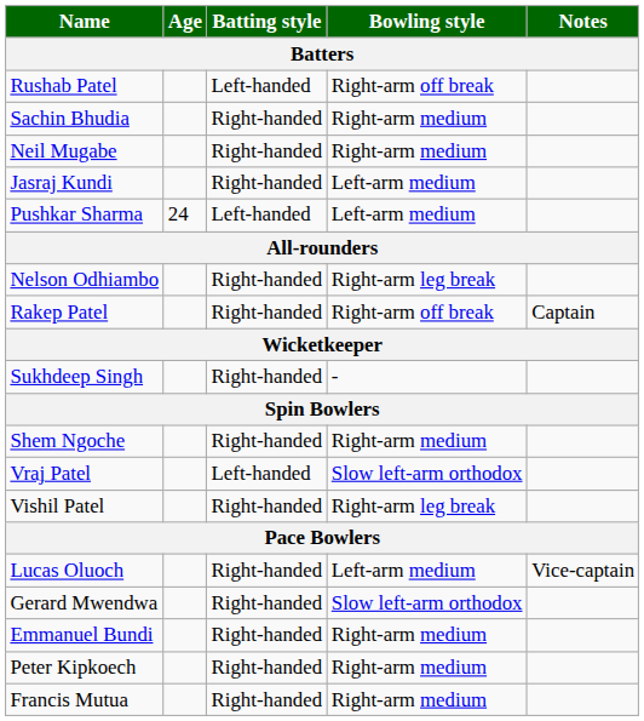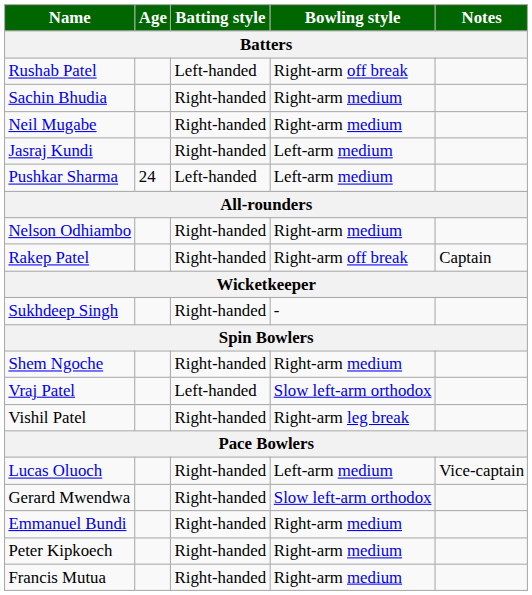 <table class="wikitable">
 <tr>
 <th style="text-align:center; background:#006600; color:white;">Name</th>
 <th style="text-align:center; background:#006600; color:white;">Age</th>
 <th style="text-align:center; background:#006600; color:white;">Batting style</th>
 <th style="text-align:center; background:#006600; color:white;">Bowling style</th>
 <th style="text-align:center; background:#006600; color:white;">Notes</th>
 </tr>
 <tr>
 <th colspan="5">Batters</th>
 </tr>
 <tr>
 <td><a href='#'>Rushab Patel</a></td>
 <td></td>
 <td>Left-handed</td>
 <td>Right-arm <a href='#'>off break</a></td>
 <td></td>
 </tr>
 <tr>
 <td><a href='#'>Sachin Bhudia</a></td>
 <td></td>
 <td>Right-handed</td>
 <td>Right-arm <a href='#'>medium</a></td>
 <td></td>
 </tr>
 <tr>
 <td><a href='#'>Neil Mugabe</a></td>
 <td></td>
 <td>Right-handed</td>
 <td>Right-arm <a href='#'>medium</a></td>
 <td></td>
 </tr>
 <tr>
 <td><a href='#'>Jasraj Kundi</a></td>
 <td></td>
 <td>Right-handed</td>
 <td>Left-arm <a href='#'>medium</a></td>
 <td></td>
 </tr>
 <tr>
 <td><a href='#'>Pushkar Sharma</a></td>
 <td>24</td>
 <td>Left-handed</td>
 <td>Left-arm <a href='#'>medium</a></td>
 <td></td>
 </tr>
 <tr>
 <th colspan="5">All-rounders</th>
 </tr>
 <tr>
 <td><a href='#'>Nelson Odhiambo</a></td>
 <td></td>
 <td>Right-handed</td>
-<td>Right-arm <a href='#'>leg break</a></td>
+<td>Right-arm <a href='#'>medium</a></td>
 <td></td>
 </tr>
 <tr>
 <td><a href='#'>Rakep Patel</a></td>
 <td></td>
 <td>Right-handed</td>
 <td>Right-arm <a href='#'>off break</a></td>
 <td>Captain</td>
 </tr>
 <tr>
 <th colspan="5">Wicketkeeper</th>
 </tr>
 <tr>
 <td><a href='#'>Sukhdeep Singh</a></td>
 <td></td>
 <td>Right-handed</td>
 <td>-</td>
 <td></td>
 </tr>
 <tr>
 <th colspan="5">Spin Bowlers</th>
 </tr>
 <tr>
 <td><a href='#'>Shem Ngoche</a></td>
 <td></td>
 <td>Right-handed</td>
 <td>Right-arm <a href='#'>medium</a></td>
 <td></td>
 </tr>
 <tr>
 <td><a href='#'>Vraj Patel</a></td>
 <td></td>
 <td>Left-handed</td>
 <td><a href='#'>Slow left-arm orthodox</a></td>
 <td></td>
 </tr>
 <tr>
 <td>Vishil Patel</td>
 <td></td>
 <td>Right-handed</td>
 <td>Right-arm <a href='#'>leg break</a></td>
 <td></td>
 </tr>
 <tr>
 <th colspan="6">Pace Bowlers</th>
 </tr>
 <tr>
 <td><a href='#'>Lucas Oluoch</a></td>
 <td></td>
 <td>Right-handed</td>
 <td>Left-arm <a href='#'>medium</a></td>
 <td>Vice-captain</td>
 </tr>
 <tr>
 <td>Gerard Mwendwa</td>
 <td></td>
 <td>Right-handed</td>
 <td><a href='#'>Slow left-arm orthodox</a></td>
 <td></td>
 </tr>
 <tr>
 <td><a href='#'>Emmanuel Bundi</a></td>
 <td></td>
 <td>Right-handed</td>
 <td>Right-arm <a href='#'>medium</a></td>
 <td></td>
 </tr>
 <tr>
 <td>Peter Kipkoech</td>
 <td></td>
 <td>Right-handed</td>
 <td>Right-arm <a href='#'>medium</a></td>
 <td></td>
 </tr>
 <tr>
 <td>Francis Mutua</td>
 <td></td>
 <td>Right-handed</td>
 <td>Right-arm <a href='#'>medium</a></td>
 <td></td>
 </tr>
 </table>
